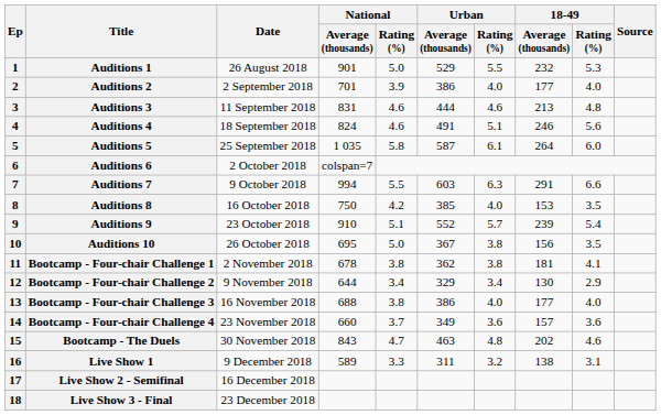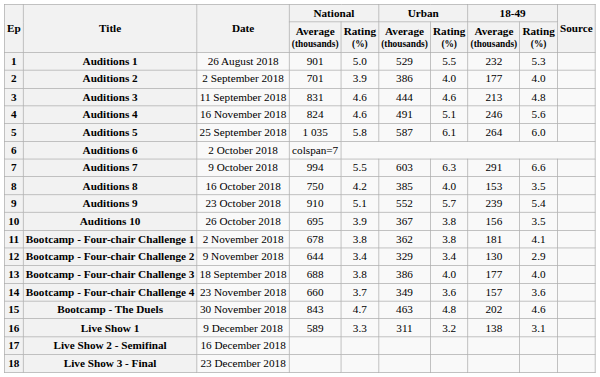 <table class="wikitable" style="text-align:center">
 <tr>
 <th rowspan="2">Ep</th>
 <th rowspan="2">Title</th>
 <th rowspan="2">Date</th>
 <th colspan="2">National</th>
 <th colspan="2">Urban</th>
 <th colspan="2">18-49</th>
 <th rowspan="2">Source</th>
 </tr>
 <tr>
 <th>Average<br><small>(thousands)</small></th>
 <th>Rating<br><small>(%)</small></th>
 <th>Average<br><small>(thousands)</small></th>
 <th>Rating<br><small>(%)</small></th>
 <th>Average<br><small>(thousands)</small></th>
 <th>Rating<br><small>(%)</small></th>
 </tr>
 <tr>
 <th>1</th>
 <th>Auditions 1</th>
 <td>26 August 2018</td>
 <td>901</td>
 <td>5.0</td>
 <td>529</td>
 <td>5.5</td>
 <td>232</td>
 <td>5.3</td>
 <td></td>
 </tr>
 <tr>
 <th>2</th>
 <th>Auditions 2</th>
 <td>2 September 2018</td>
 <td>701</td>
 <td>3.9</td>
 <td>386</td>
 <td>4.0</td>
 <td>177</td>
 <td>4.0</td>
 <td></td>
 </tr>
 <tr>
 <th>3</th>
 <th>Auditions 3</th>
 <td>11 September 2018</td>
 <td>831</td>
 <td>4.6</td>
 <td>444</td>
 <td>4.6</td>
 <td>213</td>
 <td>4.8</td>
 <td></td>
 </tr>
 <tr>
 <th>4</th>
 <th>Auditions 4</th>
-<td>18 September 2018</td>
+<td>16 November 2018</td>
 <td>824</td>
 <td>4.6</td>
 <td>491</td>
 <td>5.1</td>
 <td>246</td>
 <td>5.6</td>
 <td></td>
 </tr>
 <tr>
 <th>5</th>
 <th>Auditions 5</th>
 <td>25 September 2018</td>
 <td>1 035</td>
 <td>5.8</td>
 <td>587</td>
 <td>6.1</td>
 <td>264</td>
 <td>6.0</td>
 <td></td>
 </tr>
 <tr>
 <th>6</th>
 <th>Auditions 6</th>
 <td>2 October 2018</td>
 <td>colspan=7 </td>
 </tr>
 <tr>
 <th>7</th>
 <th>Auditions 7</th>
 <td>9 October 2018</td>
 <td>994</td>
 <td>5.5</td>
 <td>603</td>
 <td>6.3</td>
 <td>291</td>
 <td>6.6</td>
 <td></td>
 </tr>
 <tr>
 <th>8</th>
 <th>Auditions 8</th>
 <td>16 October 2018</td>
 <td>750</td>
 <td>4.2</td>
 <td>385</td>
 <td>4.0</td>
 <td>153</td>
 <td>3.5</td>
 <td></td>
 </tr>
 <tr>
 <th>9</th>
 <th>Auditions 9</th>
 <td>23 October 2018</td>
 <td>910</td>
 <td>5.1</td>
 <td>552</td>
 <td>5.7</td>
 <td>239</td>
 <td>5.4</td>
 <td></td>
 </tr>
 <tr>
 <th>10</th>
 <th>Auditions 10</th>
 <td>26 October 2018</td>
 <td>695</td>
-<td>5.0</td>
+<td>3.9</td>
 <td>367</td>
 <td>3.8</td>
 <td>156</td>
 <td>3.5</td>
 <td></td>
 </tr>
 <tr>
 <th>11</th>
 <th>Bootcamp - Four-chair Challenge 1</th>
 <td>2 November 2018</td>
 <td>678</td>
 <td>3.8</td>
 <td>362</td>
 <td>3.8</td>
 <td>181</td>
 <td>4.1</td>
 <td></td>
 </tr>
 <tr>
 <th>12</th>
 <th>Bootcamp - Four-chair Challenge 2</th>
 <td>9 November 2018</td>
 <td>644</td>
 <td>3.4</td>
 <td>329</td>
 <td>3.4</td>
 <td>130</td>
 <td>2.9</td>
 <td></td>
 </tr>
 <tr>
 <th>13</th>
 <th>Bootcamp - Four-chair Challenge 3</th>
-<td>16 November 2018</td>
+<td>18 September 2018</td>
 <td>688</td>
 <td>3.8</td>
 <td>386</td>
 <td>4.0</td>
 <td>177</td>
 <td>4.0</td>
 <td></td>
 </tr>
 <tr>
 <th>14</th>
 <th>Bootcamp - Four-chair Challenge 4</th>
 <td>23 November 2018</td>
 <td>660</td>
 <td>3.7</td>
 <td>349</td>
 <td>3.6</td>
 <td>157</td>
 <td>3.6</td>
 <td></td>
 </tr>
 <tr>
 <th>15</th>
 <th>Bootcamp - The Duels</th>
 <td>30 November 2018</td>
 <td>843</td>
 <td>4.7</td>
 <td>463</td>
 <td>4.8</td>
 <td>202</td>
 <td>4.6</td>
 <td></td>
 </tr>
 <tr>
 <th>16</th>
 <th>Live Show 1</th>
 <td>9 December 2018</td>
 <td>589</td>
 <td>3.3</td>
 <td>311</td>
 <td>3.2</td>
 <td>138</td>
 <td>3.1</td>
 <td></td>
 </tr>
 <tr>
 <th>17</th>
 <th>Live Show 2 - Semifinal</th>
 <td>16 December 2018</td>
 <td></td>
 <td></td>
 <td></td>
 <td></td>
 <td></td>
 <td></td>
 <td></td>
 </tr>
 <tr>
 <th>18</th>
 <th>Live Show 3 - Final</th>
 <td>23 December 2018</td>
 <td></td>
 <td></td>
 <td></td>
 <td></td>
 <td></td>
 <td></td>
 <td></td>
 </tr>
 </table>
